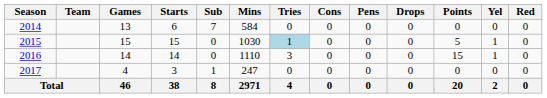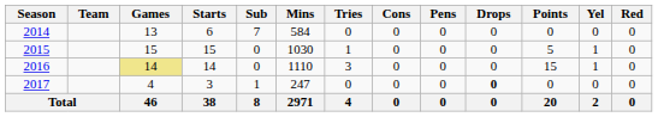 <table class="wikitable" style="text-align:center; line-height:90%; font-size:95%; width:60%;">
 <tr>
 <th>Season</th>
 <th>Team</th>
 <th>Games</th>
 <th>Starts</th>
 <th>Sub</th>
 <th>Mins</th>
 <th>Tries</th>
 <th>Cons</th>
 <th>Pens</th>
 <th>Drops</th>
 <th>Points</th>
 <th>Yel</th>
 <th>Red</th>
 </tr>
 <tr>
 <td><a href='#'>2014</a></td>
 <td></td>
 <td>13</td>
 <td>6</td>
 <td>7</td>
 <td>584</td>
 <td>0</td>
 <td>0</td>
 <td>0</td>
 <td>0</td>
 <td>0</td>
 <td>0</td>
 <td>0</td>
 </tr>
 <tr>
 <td><a href='#'>2015</a></td>
 <td></td>
 <td>15</td>
 <td>15</td>
 <td>0</td>
 <td>1030</td>
-<td style="background: lightblue;">1</td>
+<td>1</td>
 <td>0</td>
 <td>0</td>
 <td>0</td>
 <td>5</td>
 <td>1</td>
 <td>0</td>
 </tr>
 <tr>
 <td><a href='#'>2016</a></td>
 <td></td>
-<td>14</td>
+<td style="background: khaki;">14</td>
 <td>14</td>
 <td>0</td>
 <td>1110</td>
 <td>3</td>
 <td>0</td>
 <td>0</td>
 <td>0</td>
 <td>15</td>
 <td>1</td>
 <td>0</td>
 </tr>
 <tr>
 <td><a href='#'>2017</a></td>
 <td></td>
 <td>4</td>
 <td>3</td>
 <td>1</td>
 <td>247</td>
 <td>0</td>
 <td>0</td>
 <td>0</td>
-<td>0</td>
+<td><strong>0</strong></td>
 <td>0</td>
 <td>0</td>
 <td>0</td>
 </tr>
 <tr>
 <th colspan="2">Total</th>
 <th>46</th>
 <th>38</th>
 <th>8</th>
 <th>2971</th>
 <th>4</th>
 <th>0</th>
 <th>0</th>
 <th>0</th>
 <th>20</th>
 <th>2</th>
 <th>0</th>
 </tr>
 </table>
